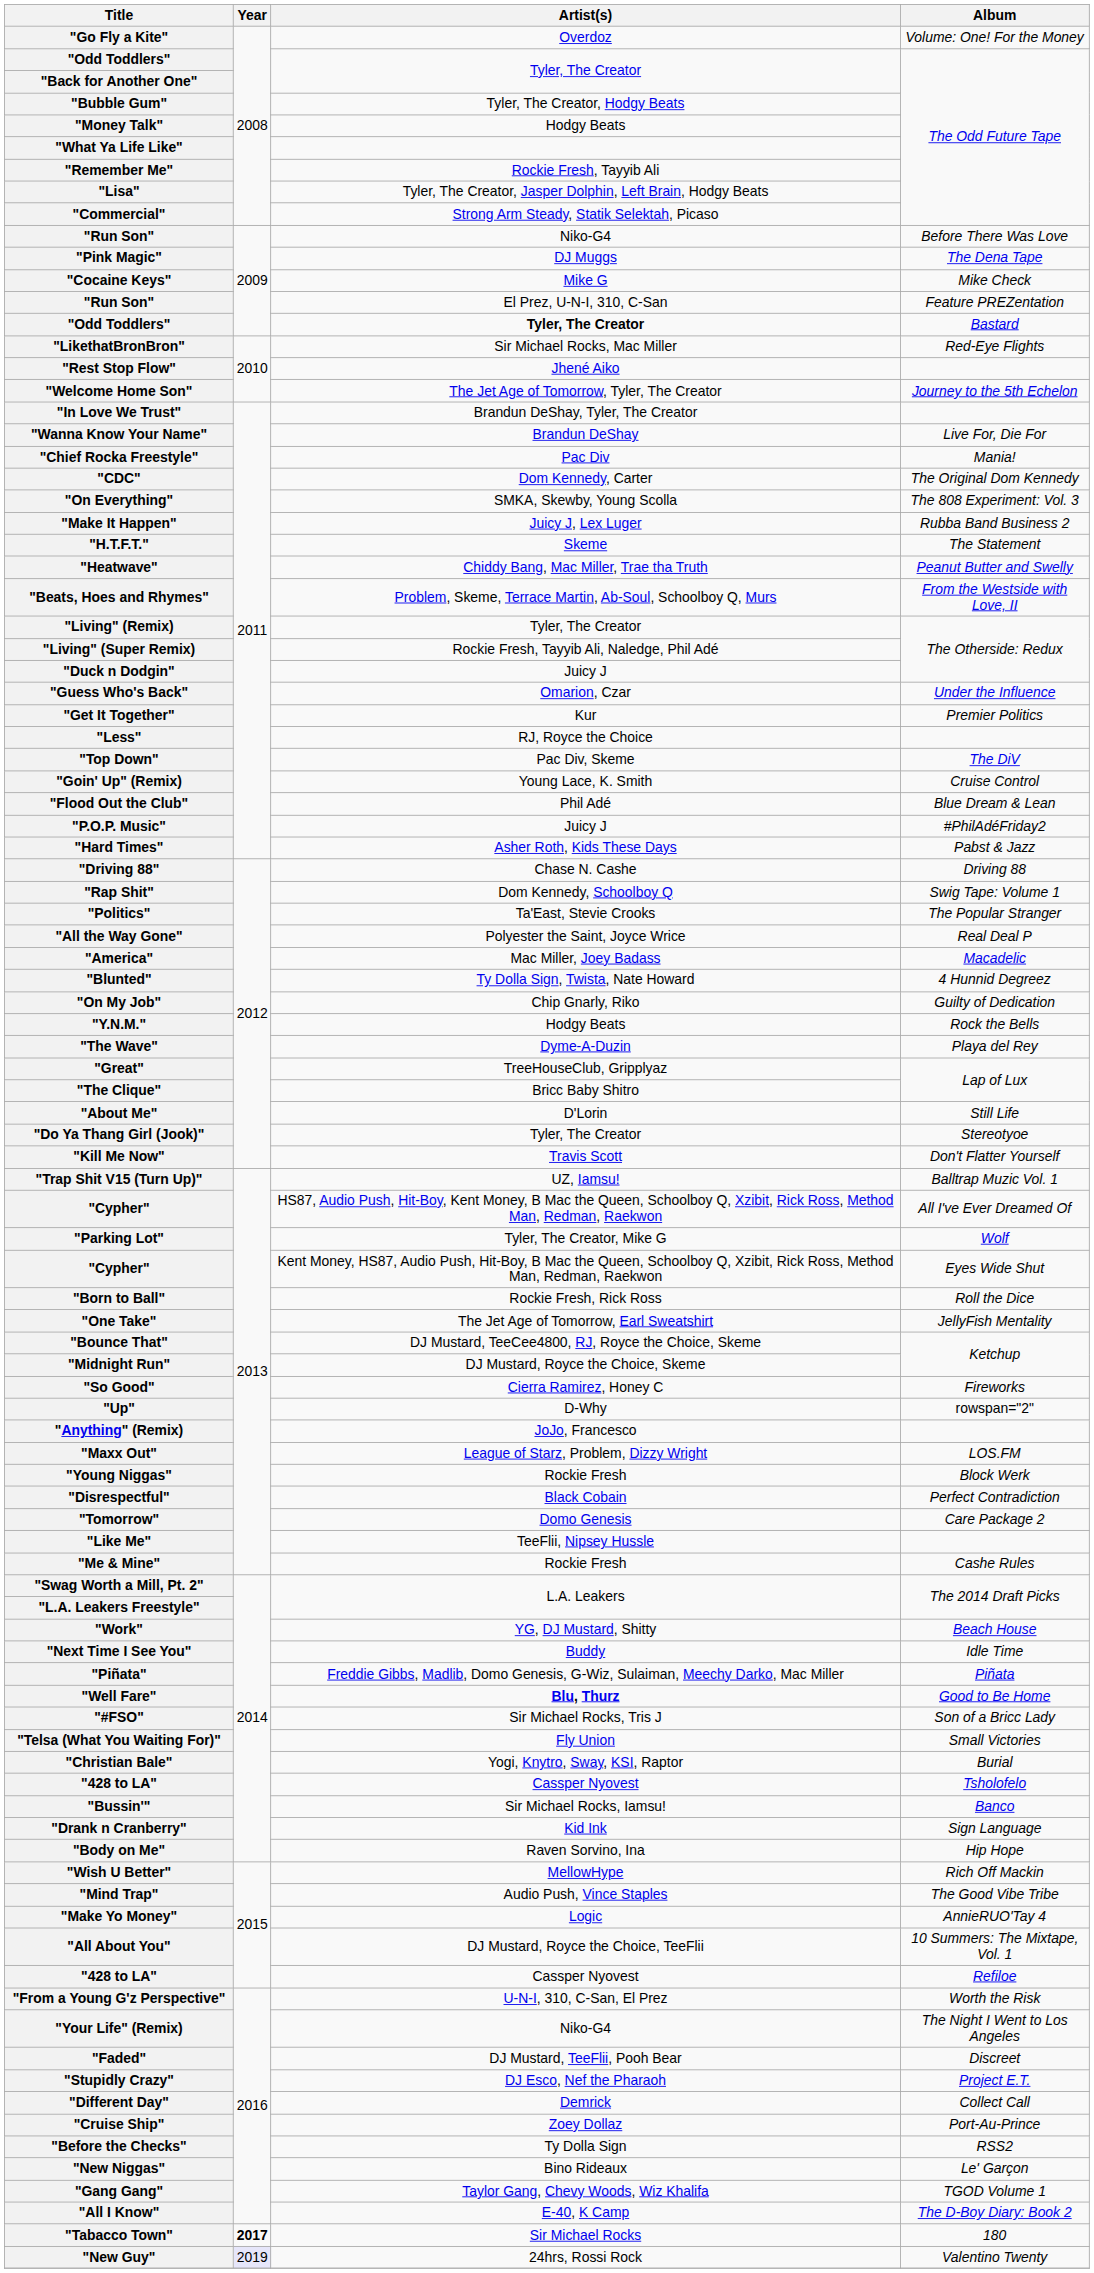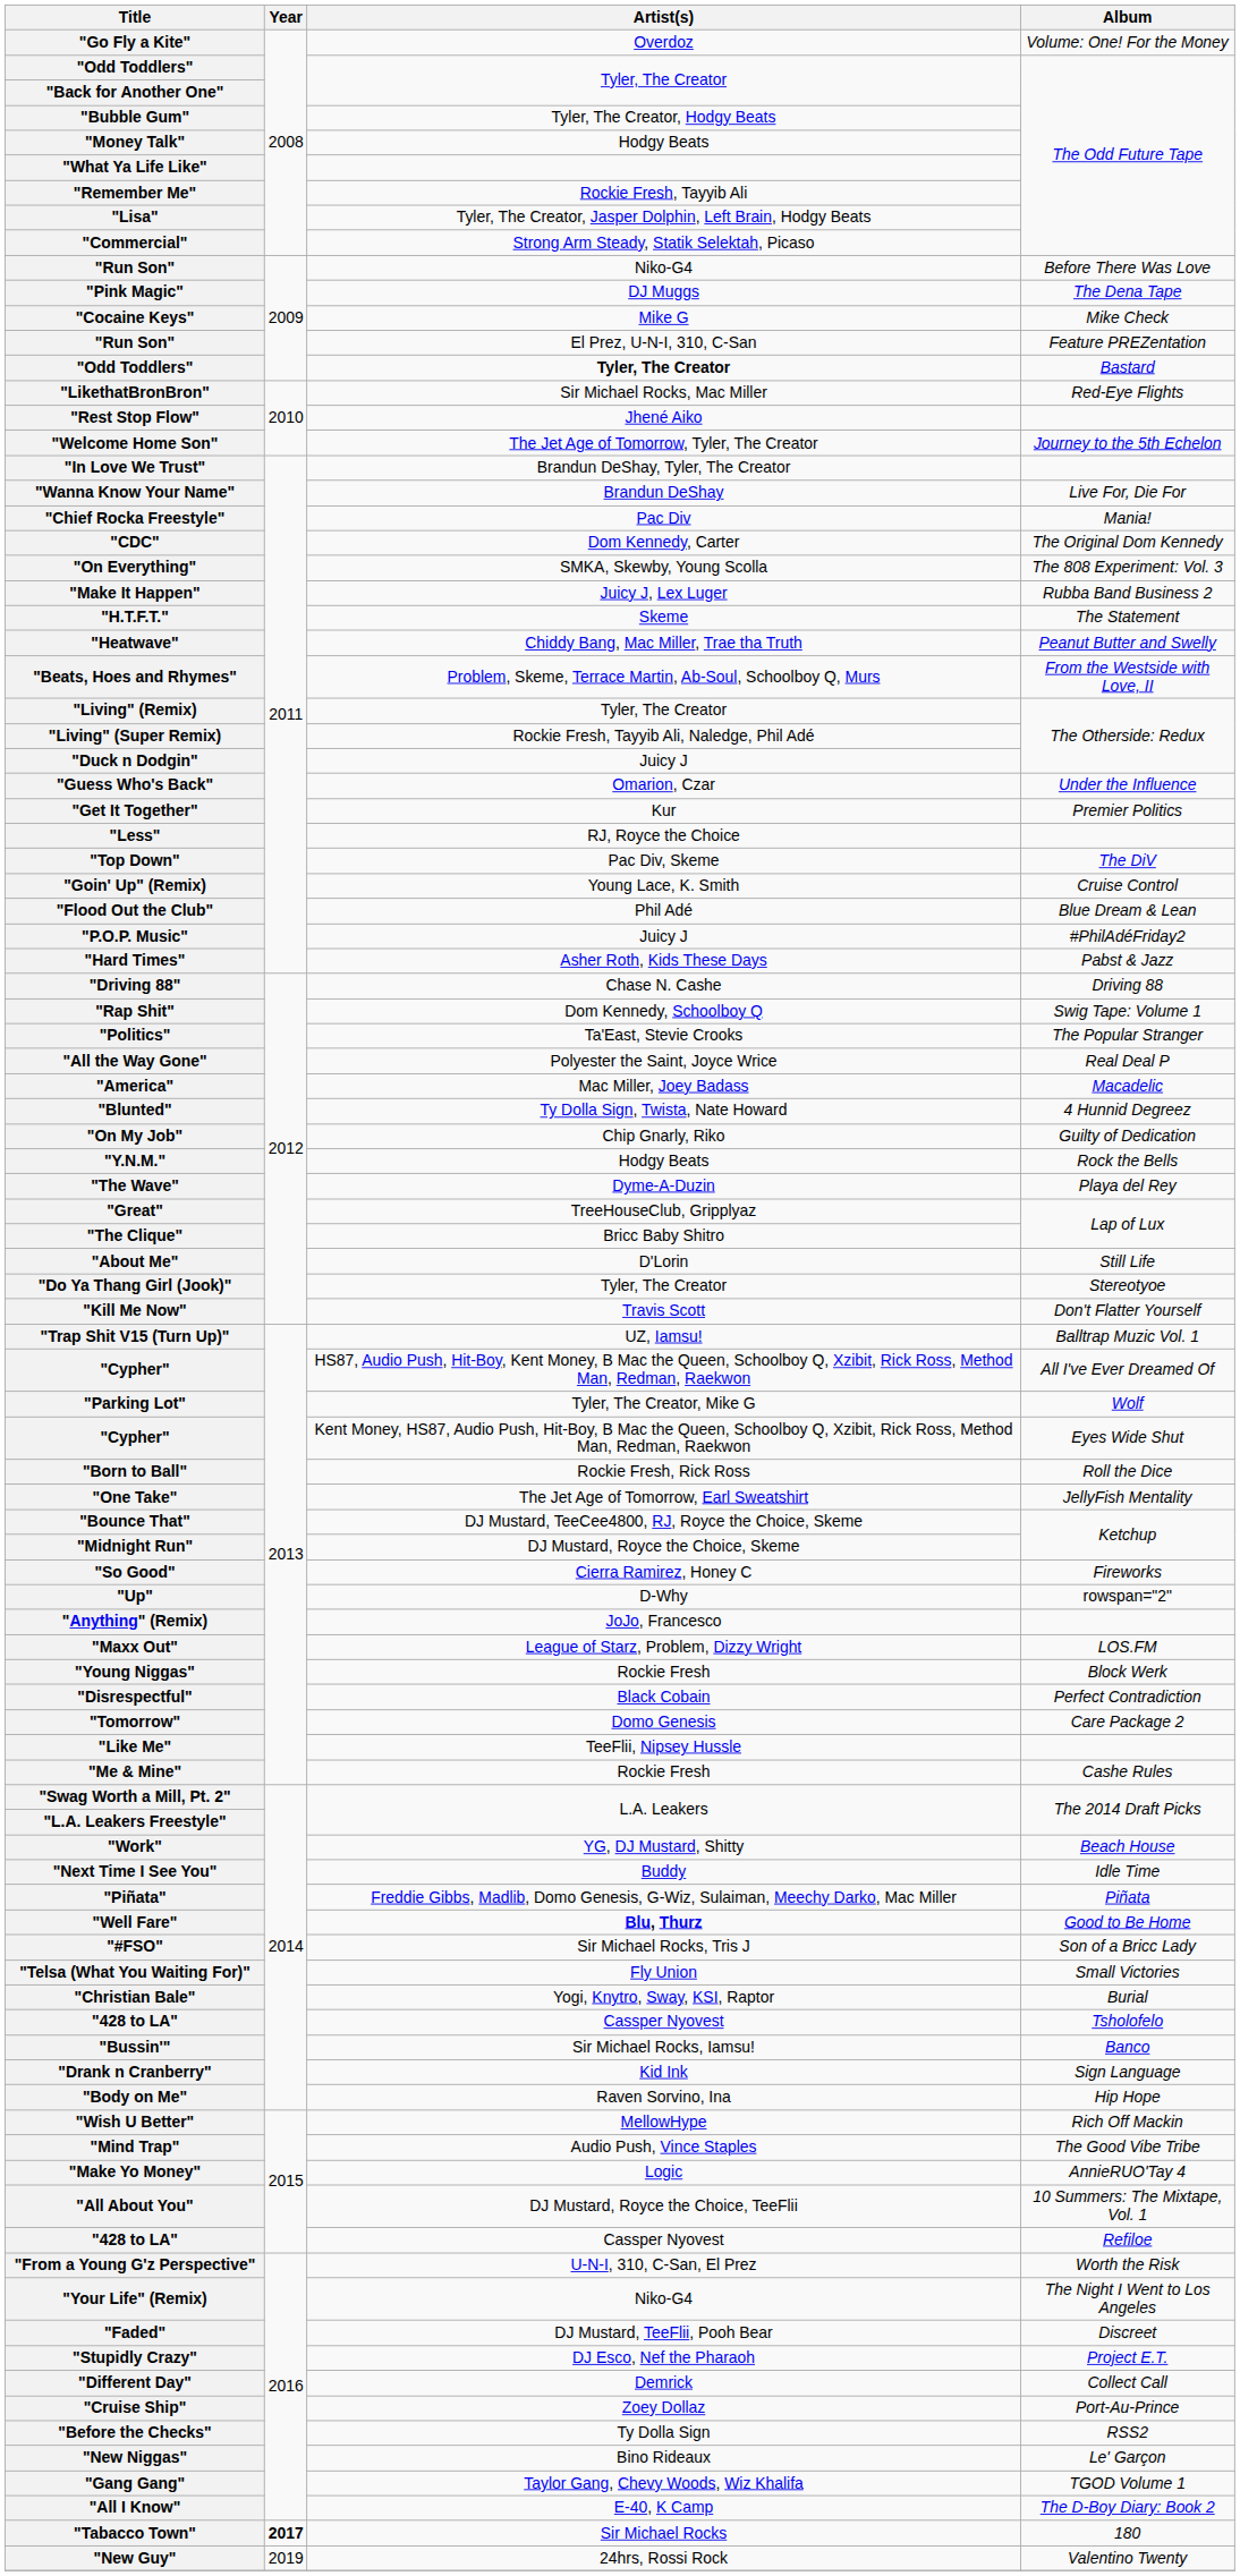 <table class="wikitable plainrowheaders" style="text-align:center;">
 <tr>
 <th scope="col" style="width:16em;">Title</th>
 <th scope="col">Year</th>
 <th scope="col">Artist(s)</th>
 <th scope="col">Album</th>
 </tr>
 <tr>
 <th scope="row">"Go Fly a Kite"</th>
 <td rowspan="9">2008</td>
 <td><a href='#'>Overdoz</a></td>
 <td><em>Volume: One! For the Money</em></td>
 </tr>
 <tr>
 <th scope="row">"Odd Toddlers"</th>
 <td rowspan="2"><a href='#'>Tyler, The Creator</a></td>
 <td rowspan="8"><em><a href='#'>The Odd Future Tape</a></em></td>
 </tr>
 <tr>
 <th scope="row">"Back for Another One"</th>
 </tr>
 <tr>
 <th scope="row">"Bubble Gum"</th>
 <td>Tyler, The Creator, <a href='#'>Hodgy Beats</a></td>
 </tr>
 <tr>
 <th scope="row">"Money Talk"</th>
 <td>Hodgy Beats</td>
 </tr>
 <tr>
 <th scope="row">"What Ya Life Like"</th>
 <td></td>
 </tr>
 <tr>
 <th scope="row">"Remember Me"</th>
 <td><a href='#'>Rockie Fresh</a>, Tayyib Ali</td>
 </tr>
 <tr>
 <th scope="row">"Lisa"</th>
 <td>Tyler, The Creator, <a href='#'>Jasper Dolphin</a>, <a href='#'>Left Brain</a>, Hodgy Beats</td>
 </tr>
 <tr>
 <th scope="row">"Commercial"</th>
 <td><a href='#'>Strong Arm Steady</a>, <a href='#'>Statik Selektah</a>, Picaso</td>
 </tr>
 <tr>
 <th scope="row">"Run Son"</th>
 <td rowspan="5">2009</td>
 <td>Niko-G4</td>
 <td><em>Before There Was Love</em></td>
 </tr>
 <tr>
 <th scope="row">"Pink Magic"</th>
 <td><a href='#'>DJ Muggs</a></td>
 <td><em><a href='#'>The Dena Tape</a></em></td>
 </tr>
 <tr>
 <th scope="row">"Cocaine Keys"</th>
 <td><a href='#'>Mike G</a></td>
 <td><em>Mike Check</em></td>
 </tr>
 <tr>
 <th scope="row">"Run Son"</th>
 <td>El Prez, U-N-I, 310, C-San</td>
 <td><em>Feature PREZentation</em></td>
 </tr>
 <tr>
 <th scope="row">"Odd Toddlers"</th>
 <td><strong>Tyler, The Creator</strong></td>
 <td><em><a href='#'>Bastard</a></em></td>
 </tr>
 <tr>
 <th scope="row">"LikethatBronBron"</th>
 <td rowspan="3">2010</td>
 <td>Sir Michael Rocks, Mac Miller</td>
 <td><em>Red-Eye Flights</em></td>
 </tr>
 <tr>
 <th scope="row">"Rest Stop Flow"</th>
 <td><a href='#'>Jhené Aiko</a></td>
 <td></td>
 </tr>
 <tr>
 <th scope="row">"Welcome Home Son"</th>
 <td><a href='#'>The Jet Age of Tomorrow</a>, Tyler, The Creator</td>
 <td><em><a href='#'>Journey to the 5th Echelon</a></em></td>
 </tr>
 <tr>
 <th scope="row">"In Love We Trust"</th>
 <td rowspan="20">2011</td>
 <td>Brandun DeShay, Tyler, The Creator</td>
 <td></td>
 </tr>
 <tr>
 <th scope="row">"Wanna Know Your Name"</th>
 <td><a href='#'>Brandun DeShay</a></td>
 <td><em>Live For, Die For</em></td>
 </tr>
 <tr>
 <th scope="row">"Chief Rocka Freestyle"</th>
 <td><a href='#'>Pac Div</a></td>
 <td><em>Mania!</em></td>
 </tr>
 <tr>
 <th scope="row">"CDC"</th>
 <td><a href='#'>Dom Kennedy</a>, Carter</td>
 <td><em>The Original Dom Kennedy</em></td>
 </tr>
 <tr>
 <th scope="row">"On Everything"</th>
 <td>SMKA, Skewby, Young Scolla</td>
 <td><em>The 808 Experiment: Vol. 3</em></td>
 </tr>
 <tr>
 <th scope="row">"Make It Happen"</th>
 <td><a href='#'>Juicy J</a>, <a href='#'>Lex Luger</a></td>
 <td><em>Rubba Band Business 2</em></td>
 </tr>
 <tr>
 <th scope="row">"H.T.F.T."</th>
 <td><a href='#'>Skeme</a></td>
 <td><em>The Statement</em></td>
 </tr>
 <tr>
 <th scope="row">"Heatwave"</th>
 <td><a href='#'>Chiddy Bang</a>, <a href='#'>Mac Miller</a>, <a href='#'>Trae tha Truth</a></td>
 <td><em><a href='#'>Peanut Butter and Swelly</a></em></td>
 </tr>
 <tr>
 <th scope="row">"Beats, Hoes and Rhymes"</th>
 <td><a href='#'>Problem</a>, Skeme, <a href='#'>Terrace Martin</a>, <a href='#'>Ab-Soul</a>, Schoolboy Q, <a href='#'>Murs</a></td>
 <td><em><a href='#'>From the Westside with Love, II</a></em></td>
 </tr>
 <tr>
 <th scope="row">"Living" (Remix)</th>
 <td>Tyler, The Creator</td>
 <td rowspan="3"><em>The Otherside: Redux</em></td>
 </tr>
 <tr>
 <th scope="row">"Living" (Super Remix)</th>
 <td>Rockie Fresh, Tayyib Ali, Naledge, Phil Adé</td>
 </tr>
 <tr>
 <th scope="row">"Duck n Dodgin"</th>
 <td>Juicy J</td>
 </tr>
 <tr>
 <th scope="row">"Guess Who's Back"</th>
 <td><a href='#'>Omarion</a>, Czar</td>
 <td><em><a href='#'>Under the Influence</a></em></td>
 </tr>
 <tr>
 <th scope="row">"Get It Together"</th>
 <td>Kur</td>
 <td><em>Premier Politics</em></td>
 </tr>
 <tr>
 <th scope="row">"Less"</th>
 <td>RJ, Royce the Choice</td>
 <td></td>
 </tr>
 <tr>
 <th scope="row">"Top Down"</th>
 <td>Pac Div, Skeme</td>
 <td><em><a href='#'>The DiV</a></em></td>
 </tr>
 <tr>
 <th scope="row">"Goin' Up" (Remix)</th>
 <td>Young Lace, K. Smith</td>
 <td><em>Cruise Control</em></td>
 </tr>
 <tr>
 <th scope="row">"Flood Out the Club"</th>
 <td>Phil Adé</td>
 <td><em>Blue Dream & Lean</em></td>
 </tr>
 <tr>
 <th scope="row">"P.O.P. Music"</th>
 <td>Juicy J</td>
 <td><em>#PhilAdéFriday2</em></td>
 </tr>
 <tr>
 <th scope="row">"Hard Times"</th>
 <td><a href='#'>Asher Roth</a>, <a href='#'>Kids These Days</a></td>
 <td><em>Pabst & Jazz</em></td>
 </tr>
 <tr>
 <th scope="row">"Driving 88"</th>
 <td rowspan="14">2012</td>
 <td>Chase N. Cashe</td>
 <td><em>Driving 88</em></td>
 </tr>
 <tr>
 <th scope="row">"Rap Shit"</th>
 <td>Dom Kennedy, <a href='#'>Schoolboy Q</a></td>
 <td><em>Swig Tape: Volume 1</em></td>
 </tr>
 <tr>
 <th scope="row">"Politics"</th>
 <td>Ta'East, Stevie Crooks</td>
 <td><em>The Popular Stranger</em></td>
 </tr>
 <tr>
 <th scope="row">"All the Way Gone"</th>
 <td>Polyester the Saint, Joyce Wrice</td>
 <td><em>Real Deal P</em></td>
 </tr>
 <tr>
 <th scope="row">"America"</th>
 <td>Mac Miller, <a href='#'>Joey Badass</a></td>
 <td><em><a href='#'>Macadelic</a></em></td>
 </tr>
 <tr>
 <th scope="row">"Blunted"</th>
 <td><a href='#'>Ty Dolla Sign</a>, <a href='#'>Twista</a>, Nate Howard</td>
 <td><em>4 Hunnid Degreez</em></td>
 </tr>
 <tr>
 <th scope="row">"On My Job"</th>
 <td>Chip Gnarly, Riko</td>
 <td><em>Guilty of Dedication</em></td>
 </tr>
 <tr>
 <th scope="row">"Y.N.M."</th>
 <td>Hodgy Beats</td>
 <td><em>Rock the Bells</em></td>
 </tr>
 <tr>
 <th scope="row">"The Wave"</th>
 <td><a href='#'>Dyme-A-Duzin</a></td>
 <td><em>Playa del Rey</em></td>
 </tr>
 <tr>
 <th scope="row">"Great"</th>
 <td>TreeHouseClub, Gripplyaz</td>
 <td rowspan="2"><em>Lap of Lux</em></td>
 </tr>
 <tr>
 <th scope="row">"The Clique"</th>
 <td>Bricc Baby Shitro</td>
 </tr>
 <tr>
 <th scope="row">"About Me"</th>
 <td>D'Lorin</td>
 <td><em>Still Life</em></td>
 </tr>
 <tr>
 <th scope="row">"Do Ya Thang Girl (Jook)"</th>
 <td>Tyler, The Creator</td>
 <td><em>Stereotyoe</em></td>
 </tr>
 <tr>
 <th scope="row">"Kill Me Now"</th>
 <td><a href='#'>Travis Scott</a></td>
 <td><em>Don't Flatter Yourself</em></td>
 </tr>
 <tr>
 <th scope="row">"Trap Shit V15 (Turn Up)"</th>
 <td rowspan="17">2013</td>
 <td>UZ, <a href='#'>Iamsu!</a></td>
 <td><em>Balltrap Muzic Vol. 1</em></td>
 </tr>
 <tr>
 <th scope="row">"Cypher"</th>
 <td>HS87, <a href='#'>Audio Push</a>, <a href='#'>Hit-Boy</a>, Kent Money, B Mac the Queen, Schoolboy Q, <a href='#'>Xzibit</a>, <a href='#'>Rick Ross</a>, <a href='#'>Method Man</a>, <a href='#'>Redman</a>, <a href='#'>Raekwon</a></td>
 <td><em>All I've Ever Dreamed Of</em></td>
 </tr>
 <tr>
 <th scope="row">"Parking Lot"</th>
 <td>Tyler, The Creator, Mike G</td>
 <td><em><a href='#'>Wolf</a></em></td>
 </tr>
 <tr>
 <th scope="row">"Cypher"</th>
 <td>Kent Money, HS87, Audio Push, Hit-Boy, B Mac the Queen, Schoolboy Q, Xzibit, Rick Ross, Method Man, Redman, Raekwon</td>
 <td><em>Eyes Wide Shut</em></td>
 </tr>
 <tr>
 <th scope="row">"Born to Ball"</th>
 <td>Rockie Fresh, Rick Ross</td>
 <td><em>Roll the Dice</em></td>
 </tr>
 <tr>
 <th scope="row">"One Take"</th>
 <td>The Jet Age of Tomorrow, <a href='#'>Earl Sweatshirt</a></td>
 <td><em>JellyFish Mentality</em></td>
 </tr>
 <tr>
 <th scope="row">"Bounce That"</th>
 <td>DJ Mustard, TeeCee4800, <a href='#'>RJ</a>, Royce the Choice, Skeme</td>
 <td rowspan="2"><em>Ketchup</em></td>
 </tr>
 <tr>
 <th scope="row">"Midnight Run"</th>
 <td>DJ Mustard, Royce the Choice, Skeme</td>
 </tr>
 <tr>
 <th scope="row">"So Good"</th>
 <td><a href='#'>Cierra Ramirez</a>, Honey C</td>
 <td><em>Fireworks</em></td>
 </tr>
 <tr>
 <th scope="row">"Up"</th>
 <td>D-Why</td>
 <td>rowspan="2" </td>
 </tr>
 <tr>
 <th scope="row">"<a href='#'>Anything</a>" (Remix)</th>
 <td><a href='#'>JoJo</a>, Francesco</td>
 </tr>
 <tr>
 <th scope="row">"Maxx Out"</th>
 <td><a href='#'>League of Starz</a>, Problem, <a href='#'>Dizzy Wright</a></td>
 <td><em>LOS.FM</em></td>
 </tr>
 <tr>
 <th scope="row">"Young Niggas"</th>
 <td>Rockie Fresh</td>
 <td><em>Block Werk</em></td>
 </tr>
 <tr>
 <th scope="row">"Disrespectful"</th>
 <td><a href='#'>Black Cobain</a></td>
 <td><em>Perfect Contradiction</em></td>
 </tr>
 <tr>
 <th scope="row">"Tomorrow"</th>
 <td><a href='#'>Domo Genesis</a></td>
 <td><em>Care Package 2</em></td>
 </tr>
 <tr>
 <th scope="row">"Like Me"</th>
 <td>TeeFlii, <a href='#'>Nipsey Hussle</a></td>
 <td></td>
 </tr>
 <tr>
 <th scope="row">"Me & Mine"</th>
 <td>Rockie Fresh</td>
 <td><em>Cashe Rules</em></td>
 </tr>
 <tr>
 <th scope="row">"Swag Worth a Mill, Pt. 2"</th>
 <td rowspan="13">2014</td>
 <td rowspan="2">L.A. Leakers</td>
 <td rowspan="2"><em>The 2014 Draft Picks</em></td>
 </tr>
 <tr>
 <th scope="row">"L.A. Leakers Freestyle"</th>
 </tr>
 <tr>
 <th scope="row">"Work"</th>
 <td><a href='#'>YG</a>, <a href='#'>DJ Mustard</a>, Shitty</td>
 <td><em><a href='#'>Beach House</a></em></td>
 </tr>
 <tr>
 <th scope="row">"Next Time I See You"</th>
 <td><a href='#'>Buddy</a></td>
 <td><em>Idle Time</em></td>
 </tr>
 <tr>
 <th scope="row">"Piñata"</th>
 <td><a href='#'>Freddie Gibbs</a>, <a href='#'>Madlib</a>, Domo Genesis, G-Wiz, Sulaiman, <a href='#'>Meechy Darko</a>, Mac Miller</td>
 <td><em><a href='#'>Piñata</a></em></td>
 </tr>
 <tr>
 <th scope="row">"Well Fare"</th>
 <td><strong><a href='#'>Blu</a>, <a href='#'>Thurz</a></strong></td>
 <td><em><a href='#'>Good to Be Home</a></em></td>
 </tr>
 <tr>
 <th scope="row">"#FSO"</th>
 <td>Sir Michael Rocks, Tris J</td>
 <td><em>Son of a Bricc Lady</em></td>
 </tr>
 <tr>
 <th scope="row">"Telsa (What You Waiting For)"</th>
 <td><a href='#'>Fly Union</a></td>
 <td><em>Small Victories</em></td>
 </tr>
 <tr>
 <th scope="row">"Christian Bale"</th>
 <td>Yogi, <a href='#'>Knytro</a>, <a href='#'>Sway</a>, <a href='#'>KSI</a>, Raptor</td>
 <td><em>Burial</em></td>
 </tr>
 <tr>
 <th scope="row">"428 to LA"</th>
 <td><a href='#'>Cassper Nyovest</a></td>
 <td><em><a href='#'>Tsholofelo</a></em></td>
 </tr>
 <tr>
 <th scope="row">"Bussin'"</th>
 <td>Sir Michael Rocks, Iamsu!</td>
 <td><em><a href='#'>Banco</a></em></td>
 </tr>
 <tr>
 <th scope="row">"Drank n Cranberry"</th>
 <td><a href='#'>Kid Ink</a></td>
 <td><em>Sign Language</em></td>
 </tr>
 <tr>
 <th scope="row">"Body on Me"</th>
 <td>Raven Sorvino, Ina</td>
 <td><em>Hip Hope</em></td>
 </tr>
 <tr>
 <th scope="row">"Wish U Better"</th>
 <td rowspan="5">2015</td>
 <td><a href='#'>MellowHype</a></td>
 <td><em>Rich Off Mackin</em></td>
 </tr>
 <tr>
 <th scope="row">"Mind Trap"</th>
 <td>Audio Push, <a href='#'>Vince Staples</a></td>
 <td><em>The Good Vibe Tribe</em></td>
 </tr>
 <tr>
 <th scope="row">"Make Yo Money"</th>
 <td><a href='#'>Logic</a></td>
 <td><em>AnnieRUO'Tay 4</em></td>
 </tr>
 <tr>
 <th scope="row">"All About You"</th>
 <td>DJ Mustard, Royce the Choice, TeeFlii</td>
 <td><em>10 Summers: The Mixtape, Vol. 1</em></td>
 </tr>
 <tr>
 <th scope="row">"428 to LA"</th>
 <td>Cassper Nyovest</td>
 <td><em><a href='#'>Refiloe</a></em></td>
 </tr>
 <tr>
 <th scope="row">"From a Young G'z Perspective"</th>
 <td rowspan="10">2016</td>
 <td><a href='#'>U-N-I</a>, 310, C-San, El Prez</td>
 <td><em>Worth the Risk</em></td>
 </tr>
 <tr>
 <th scope="row">"Your Life" (Remix)</th>
 <td>Niko-G4</td>
 <td><em>The Night I Went to Los Angeles</em></td>
 </tr>
 <tr>
 <th scope="row">"Faded"</th>
 <td>DJ Mustard, <a href='#'>TeeFlii</a>, Pooh Bear</td>
 <td><em>Discreet</em></td>
 </tr>
 <tr>
 <th scope="row">"Stupidly Crazy"</th>
 <td><a href='#'>DJ Esco</a>, <a href='#'>Nef the Pharaoh</a></td>
 <td><em><a href='#'>Project E.T.</a></em></td>
 </tr>
 <tr>
 <th scope="row">"Different Day"</th>
 <td><a href='#'>Demrick</a></td>
 <td><em>Collect Call</em></td>
 </tr>
 <tr>
 <th scope="row">"Cruise Ship"</th>
 <td><a href='#'>Zoey Dollaz</a></td>
 <td><em>Port-Au-Prince</em></td>
 </tr>
 <tr>
 <th scope="row">"Before the Checks"</th>
 <td>Ty Dolla Sign</td>
 <td><em>RSS2</em></td>
 </tr>
 <tr>
 <th scope="row">"New Niggas"</th>
 <td>Bino Rideaux</td>
 <td><em>Le' Garçon</em></td>
 </tr>
 <tr>
 <th scope="row">"Gang Gang"</th>
 <td><a href='#'>Taylor Gang</a>, <a href='#'>Chevy Woods</a>, <a href='#'>Wiz Khalifa</a></td>
 <td><em>TGOD Volume 1</em></td>
 </tr>
 <tr>
 <th scope="row">"All I Know"</th>
 <td><a href='#'>E-40</a>, <a href='#'>K Camp</a></td>
 <td><em><a href='#'>The D-Boy Diary: Book 2</a></em></td>
 </tr>
 <tr>
 <th scope="row">"Tabacco Town"</th>
 <td rowspan="1"><strong>2017</strong></td>
 <td><a href='#'>Sir Michael Rocks</a></td>
 <td><em>180</em></td>
 </tr>
 <tr>
 <th scope="row">"New Guy"</th>
-<td rowspan="1" style="background: lavender;">2019</td>
+<td rowspan="1">2019</td>
 <td>24hrs, Rossi Rock</td>
 <td><em>Valentino Twenty</em></td>
 </tr>
 <tr>
 </tr>
 </table>
